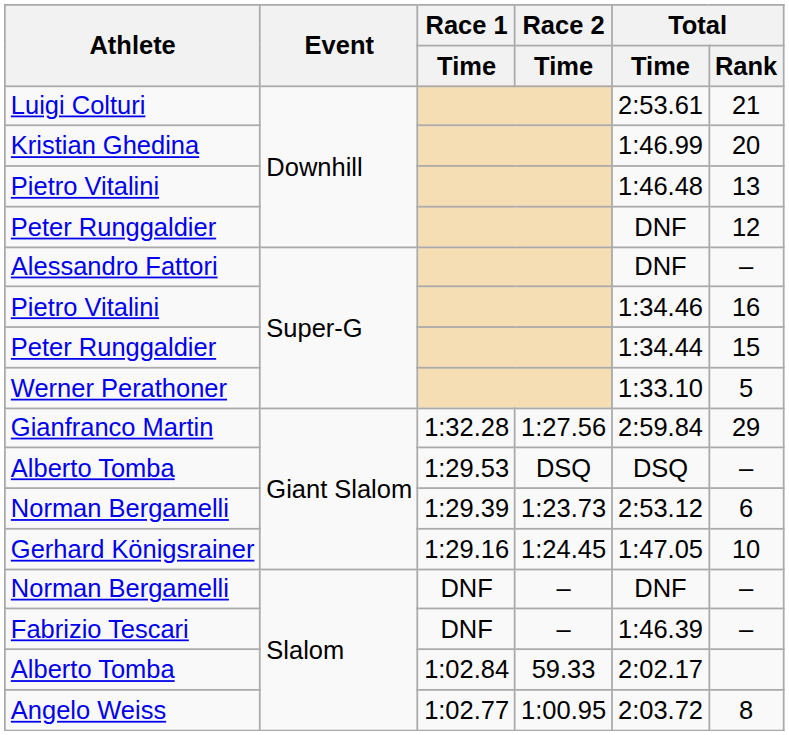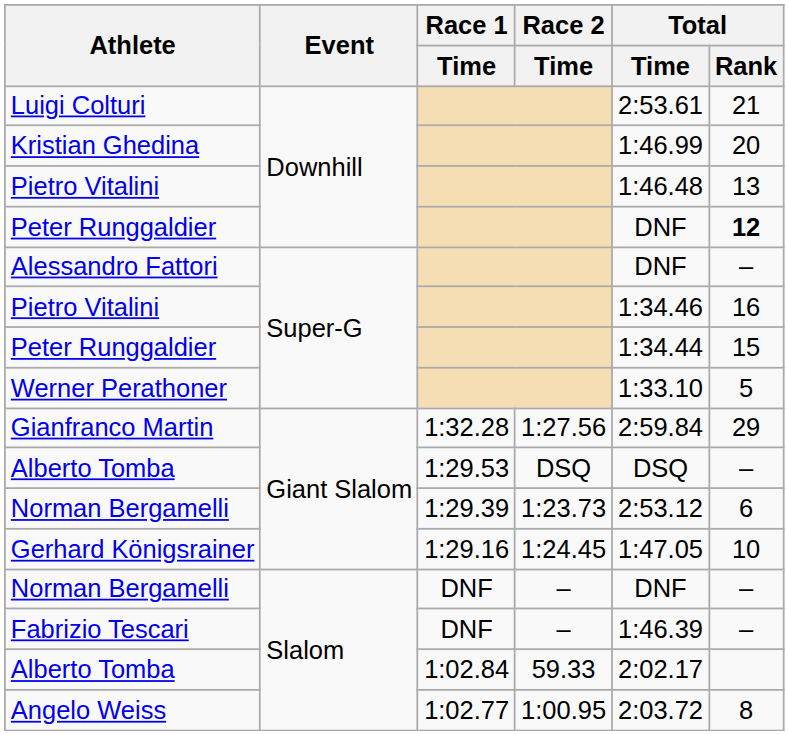 <table class="wikitable" style="font-size:90%">
 <tr>
 <th rowspan="2">Athlete</th>
 <th rowspan="2">Event</th>
 <th>Race 1</th>
 <th>Race 2</th>
 <th colspan="2">Total</th>
 </tr>
 <tr>
 <th>Time</th>
 <th>Time</th>
 <th>Time</th>
 <th>Rank</th>
 </tr>
 <tr>
 <td><a href='#'>Luigi Colturi</a></td>
 <td rowspan="4">Downhill</td>
 <td colspan="2" bgcolor="wheat"></td>
 <td align="center">2:53.61</td>
 <td align="center">21</td>
 </tr>
 <tr>
 <td><a href='#'>Kristian Ghedina</a></td>
 <td colspan="2" bgcolor="wheat"></td>
 <td align="center">1:46.99</td>
 <td align="center">20</td>
 </tr>
 <tr>
 <td><a href='#'>Pietro Vitalini</a></td>
 <td colspan="2" bgcolor="wheat"></td>
 <td align="center">1:46.48</td>
 <td align="center">13</td>
 </tr>
 <tr>
 <td><a href='#'>Peter Runggaldier</a></td>
 <td colspan="2" bgcolor="wheat"></td>
 <td align="center">DNF</td>
-<td align="center">12</td>
+<td align="center"><strong>12</strong></td>
 </tr>
 <tr>
 <td><a href='#'>Alessandro Fattori</a></td>
 <td rowspan="4">Super-G</td>
 <td colspan="2" bgcolor="wheat"></td>
 <td align="center">DNF</td>
 <td align="center">–</td>
 </tr>
 <tr>
 <td><a href='#'>Pietro Vitalini</a></td>
 <td colspan="2" bgcolor="wheat"></td>
 <td align="center">1:34.46</td>
 <td align="center">16</td>
 </tr>
 <tr>
 <td><a href='#'>Peter Runggaldier</a></td>
 <td colspan="2" bgcolor="wheat"></td>
 <td align="center">1:34.44</td>
 <td align="center">15</td>
 </tr>
 <tr>
 <td><a href='#'>Werner Perathoner</a></td>
 <td colspan="2" bgcolor="wheat"></td>
 <td align="center">1:33.10</td>
 <td align="center">5</td>
 </tr>
 <tr>
 <td><a href='#'>Gianfranco Martin</a></td>
 <td rowspan="4">Giant Slalom</td>
 <td align="center">1:32.28</td>
 <td align="center">1:27.56</td>
 <td align="center">2:59.84</td>
 <td align="center">29</td>
 </tr>
 <tr>
 <td><a href='#'>Alberto Tomba</a></td>
 <td align="center">1:29.53</td>
 <td align="center">DSQ</td>
 <td align="center">DSQ</td>
 <td align="center">–</td>
 </tr>
 <tr>
 <td><a href='#'>Norman Bergamelli</a></td>
 <td align="center">1:29.39</td>
 <td align="center">1:23.73</td>
 <td align="center">2:53.12</td>
 <td align="center">6</td>
 </tr>
 <tr>
 <td><a href='#'>Gerhard Königsrainer</a></td>
 <td align="center">1:29.16</td>
 <td align="center">1:24.45</td>
 <td align="center">1:47.05</td>
 <td align="center">10</td>
 </tr>
 <tr>
 <td><a href='#'>Norman Bergamelli</a></td>
 <td rowspan="4">Slalom</td>
 <td align="center">DNF</td>
 <td align="center">–</td>
 <td align="center">DNF</td>
 <td align="center">–</td>
 </tr>
 <tr>
 <td><a href='#'>Fabrizio Tescari</a></td>
 <td align="center">DNF</td>
 <td align="center">–</td>
 <td align="center">1:46.39</td>
 <td align="center">–</td>
 </tr>
 <tr>
 <td><a href='#'>Alberto Tomba</a></td>
 <td align="center">1:02.84</td>
 <td align="center">59.33</td>
 <td align="center">2:02.17</td>
 <td align="center"></td>
 </tr>
 <tr>
 <td><a href='#'>Angelo Weiss</a></td>
 <td align="center">1:02.77</td>
 <td align="center">1:00.95</td>
 <td align="center">2:03.72</td>
 <td align="center">8</td>
 </tr>
 </table>
